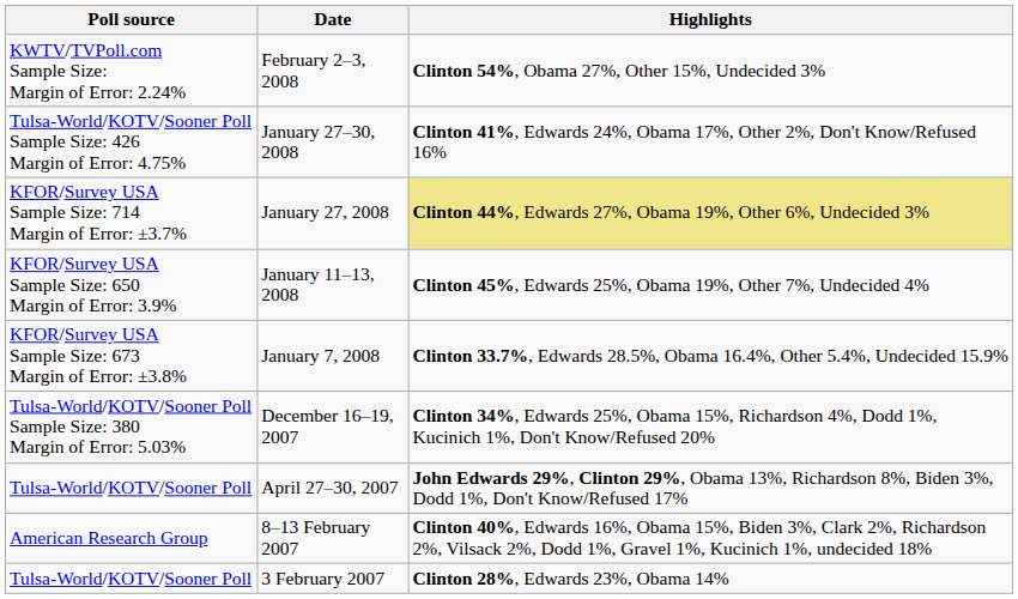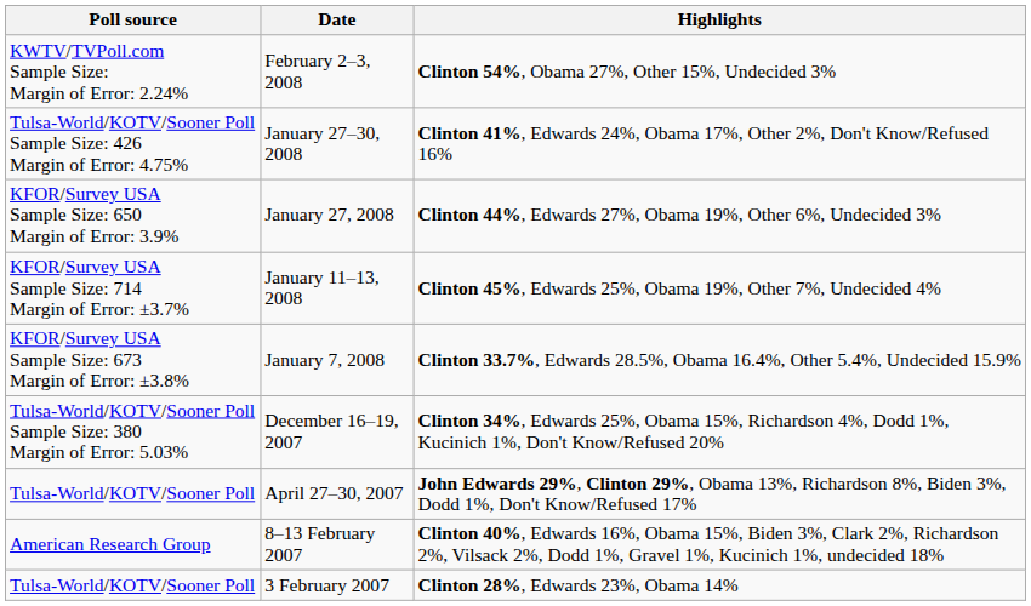 <table class="wikitable sortable">
 <tr>
 <th width="25%">Poll source</th>
 <th width="15%">Date</th>
 <th width="60%">Highlights</th>
 </tr>
 <tr>
 <td><a href='#'>KWTV</a>/<a href='#'>TVPoll.com</a><br>Sample Size: <br> Margin of Error: 2.24%</td>
 <td>February 2–3, 2008</td>
 <td><strong>Clinton 54%</strong>, Obama 27%, Other 15%, Undecided 3%</td>
 </tr>
 <tr>
 <td><a href='#'>Tulsa-World</a>/<a href='#'>KOTV</a>/<a href='#'>Sooner Poll</a><br>Sample Size: 426<br> Margin of Error: 4.75%</td>
 <td>January 27–30, 2008</td>
 <td><strong>Clinton 41%</strong>, Edwards 24%, Obama 17%, Other 2%, Don't Know/Refused 16%</td>
 </tr>
 <tr>
-<td><a href='#'>KFOR</a>/<a href='#'>Survey USA</a><br>Sample Size: 714<br> Margin of Error: ±3.7%</td>
+<td><a href='#'>KFOR</a>/<a href='#'>Survey USA</a><br>Sample Size: 650<br> Margin of Error: 3.9%</td>
 <td>January 27, 2008</td>
-<td style="background: khaki;"><strong>Clinton 44%</strong>, Edwards 27%, Obama 19%, Other 6%, Undecided 3%</td>
+<td><strong>Clinton 44%</strong>, Edwards 27%, Obama 19%, Other 6%, Undecided 3%</td>
 </tr>
 <tr>
-<td><a href='#'>KFOR</a>/<a href='#'>Survey USA</a><br>Sample Size: 650<br> Margin of Error: 3.9%</td>
+<td><a href='#'>KFOR</a>/<a href='#'>Survey USA</a><br>Sample Size: 714<br> Margin of Error: ±3.7%</td>
 <td>January 11–13, 2008</td>
 <td><strong>Clinton 45%</strong>, Edwards 25%, Obama 19%, Other 7%, Undecided 4%</td>
 </tr>
 <tr>
 <td><a href='#'>KFOR</a>/<a href='#'>Survey USA</a><br>Sample Size: 673<br> Margin of Error: ±3.8%</td>
 <td>January 7, 2008</td>
 <td><strong>Clinton 33.7%</strong>, Edwards 28.5%, Obama 16.4%, Other 5.4%, Undecided 15.9%</td>
 </tr>
 <tr>
 <td><a href='#'>Tulsa-World</a>/<a href='#'>KOTV</a>/<a href='#'>Sooner Poll</a><br>Sample Size: 380<br> Margin of Error: 5.03%</td>
 <td>December 16–19, 2007</td>
 <td><strong>Clinton 34%</strong>, Edwards 25%, Obama 15%, Richardson 4%, Dodd 1%, Kucinich 1%, Don't Know/Refused 20%</td>
 </tr>
 <tr>
 <td><a href='#'>Tulsa-World</a>/<a href='#'>KOTV</a>/<a href='#'>Sooner Poll</a></td>
 <td>April 27–30, 2007</td>
 <td><strong>John Edwards 29%</strong>, <strong>Clinton 29%</strong>, Obama 13%, Richardson 8%, Biden 3%, Dodd 1%, Don't Know/Refused 17%</td>
 </tr>
 <tr>
 <td><a href='#'>American Research Group</a></td>
 <td>8–13 February 2007</td>
 <td><strong>Clinton 40%</strong>, Edwards 16%, Obama 15%, Biden 3%, Clark 2%, Richardson 2%, Vilsack 2%, Dodd 1%, Gravel 1%, Kucinich 1%, undecided 18%</td>
 </tr>
 <tr>
 <td><a href='#'>Tulsa-World</a>/<a href='#'>KOTV</a>/<a href='#'>Sooner Poll</a></td>
 <td>3 February 2007</td>
 <td><strong>Clinton 28%</strong>, Edwards 23%, Obama 14%</td>
 </tr>
 </table>
